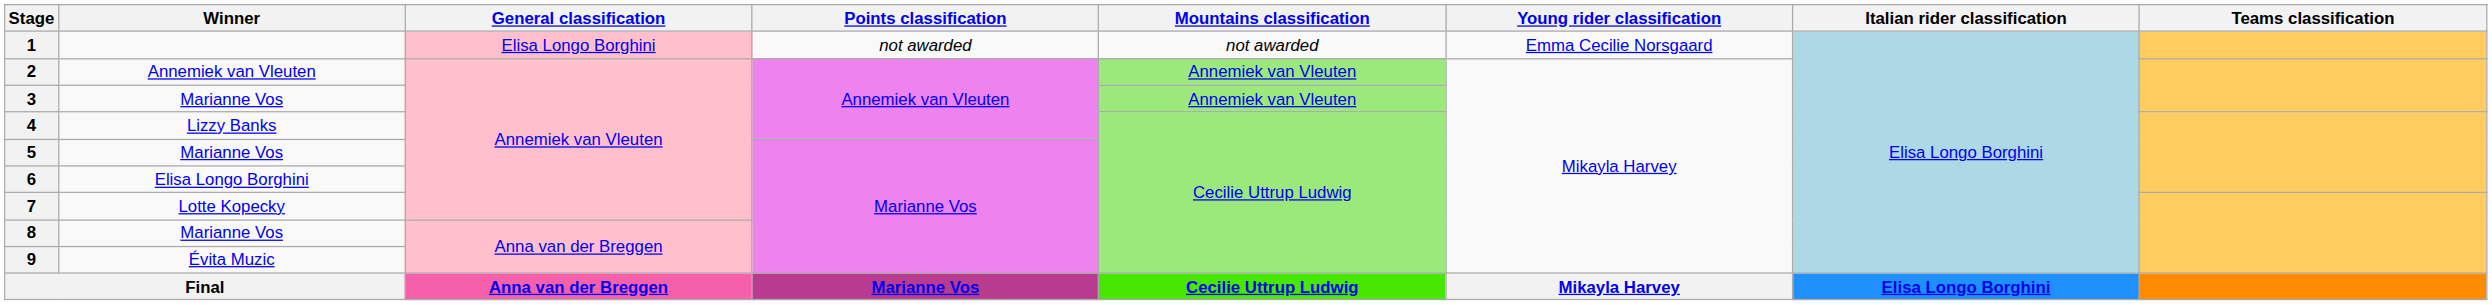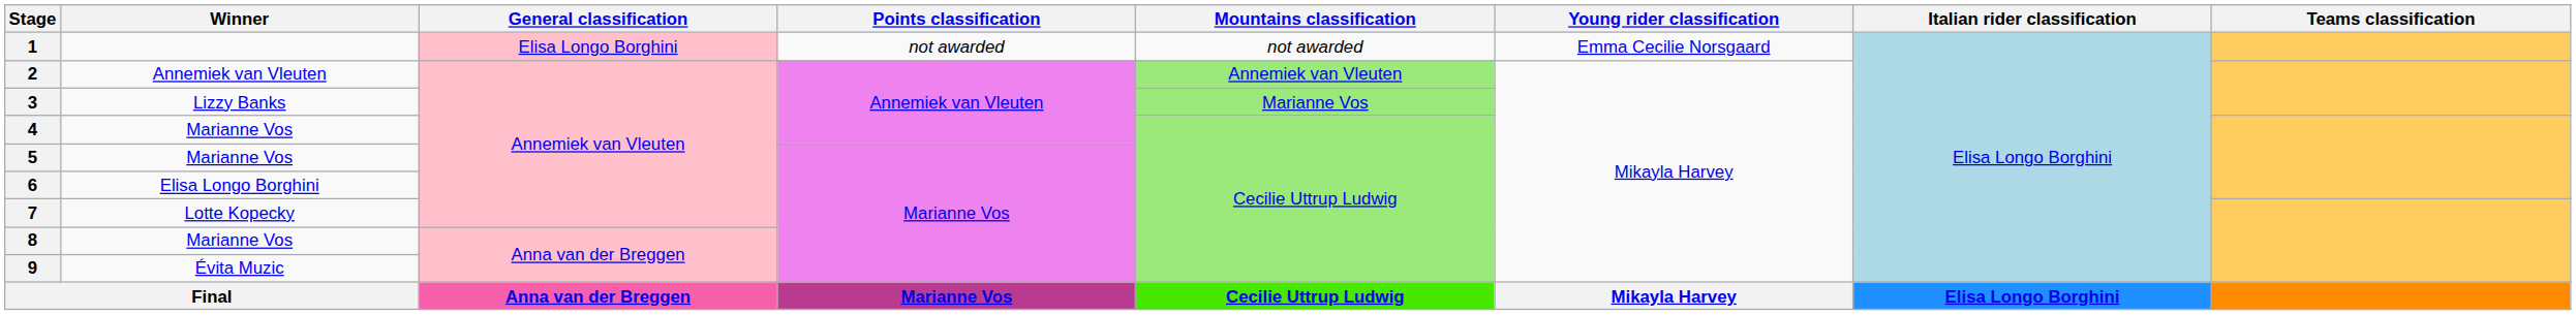 <table class="wikitable" style="text-align: center; font-size:smaller;">
 <tr style="background-color: #efefef;">
 <th width="2%">Stage</th>
 <th width="14%">Winner</th>
 <th width="14%"><a href='#'>General classification</a><br></th>
 <th width="14%"><a href='#'>Points classification</a><br></th>
 <th width="14%"><a href='#'>Mountains classification</a><br></th>
 <th width="14%"><a href='#'>Young rider classification</a><br></th>
 <th width="14%">Italian rider classification<br></th>
 <th width="14%">Teams classification<br></th>
 </tr>
 <tr>
 <th>1</th>
 <td></td>
 <td style="background:pink;"><a href='#'>Elisa Longo Borghini</a></td>
 <td><em>not awarded</em></td>
 <td><em>not awarded</em></td>
 <td style="background:offwhite;"><a href='#'>Emma Cecilie Norsgaard</a></td>
 <td style="background:lightblue;" rowspan="9"><a href='#'>Elisa Longo Borghini</a></td>
 <td style="background:#FFCD5F;"></td>
 </tr>
 <tr>
 <th>2</th>
 <td><a href='#'>Annemiek van Vleuten</a></td>
 <td style="background:pink;" rowspan="6"><a href='#'>Annemiek van Vleuten</a></td>
 <td style="background:violet;" rowspan="3"><a href='#'>Annemiek van Vleuten</a></td>
 <td style="background:#9CE97B;"><a href='#'>Annemiek van Vleuten</a></td>
 <td style="background:offwhite;" rowspan="8"><a href='#'>Mikayla Harvey</a></td>
 <td style="background:#FFCD5F;" rowspan="2"></td>
 </tr>
 <tr>
 <th>3</th>
-<td><a href='#'>Marianne Vos</a></td>
-<td style="background:#9CE97B;"><a href='#'>Annemiek van Vleuten</a></td>
+<td><a href='#'>Lizzy Banks</a></td>
+<td style="background:#9CE97B;"><a href='#'>Marianne Vos</a></td>
 </tr>
 <tr>
 <th>4</th>
-<td><a href='#'>Lizzy Banks</a></td>
+<td><a href='#'>Marianne Vos</a></td>
 <td style="background:#9CE97B;" rowspan="6"><a href='#'>Cecilie Uttrup Ludwig</a></td>
 <td style="background:#FFCD5F;" rowspan="3"></td>
 </tr>
 <tr>
 <th>5</th>
 <td><a href='#'>Marianne Vos</a></td>
 <td style="background:violet;" rowspan="5"><a href='#'>Marianne Vos</a></td>
 </tr>
 <tr>
 <th>6</th>
 <td><a href='#'>Elisa Longo Borghini</a></td>
 </tr>
 <tr>
 <th>7</th>
 <td><a href='#'>Lotte Kopecky</a></td>
 <td style="background:#FFCD5F;" rowspan="3"></td>
 </tr>
 <tr>
 <th>8</th>
 <td><a href='#'>Marianne Vos</a></td>
 <td style="background:pink;" rowspan="2"><a href='#'>Anna van der Breggen</a></td>
 </tr>
 <tr>
 <th>9</th>
 <td><a href='#'>Évita Muzic</a></td>
 </tr>
 <tr>
 <th colspan="2">Final</th>
 <th style="background:#F660AB;"><a href='#'>Anna van der Breggen</a></th>
 <th style="background:#B93B8F;"><a href='#'>Marianne Vos</a></th>
 <th style="background:#46E800;"><a href='#'>Cecilie Uttrup Ludwig</a></th>
 <th style="background:offwhite;"><a href='#'>Mikayla Harvey</a></th>
 <th style="background:dodgerblue;"><a href='#'>Elisa Longo Borghini</a></th>
 <th style="background:#FF8C00;"></th>
 </tr>
 </table>
